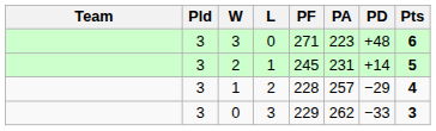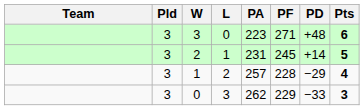 <table class=wikitable style="text-align:center">
 <tr>
 <th width=180>Team</th>
 <th width=30>Pld</th>
 <th width=30>W</th>
 <th width=30>L</th>
+<th width=30>PA</th>
 <th width=30>PF</th>
-<th width=30>PA</th>
 <th width=30>PD</th>
 <th width=30>Pts</th>
 </tr>
 <tr bgcolor="#ccffcc">
 <td align=left></td>
 <td>3</td>
 <td>3</td>
 <td>0</td>
+<td>223</td>
 <td>271</td>
-<td>223</td>
 <td>+48</td>
 <td><strong>6</strong></td>
 </tr>
 <tr bgcolor="#ccffcc">
 <td align=left></td>
 <td>3</td>
 <td>2</td>
 <td>1</td>
+<td>231</td>
 <td>245</td>
-<td>231</td>
 <td>+14</td>
 <td><strong>5</strong></td>
 </tr>
 <tr align=center>
 <td align=left></td>
 <td>3</td>
 <td>1</td>
 <td>2</td>
+<td>257</td>
 <td>228</td>
-<td>257</td>
 <td>−29</td>
 <td><strong>4</strong></td>
 </tr>
 <tr align=center>
 <td align=left></td>
 <td>3</td>
 <td>0</td>
 <td>3</td>
+<td>262</td>
 <td>229</td>
-<td>262</td>
 <td>−33</td>
 <td><strong>3</strong></td>
 </tr>
 </table>
